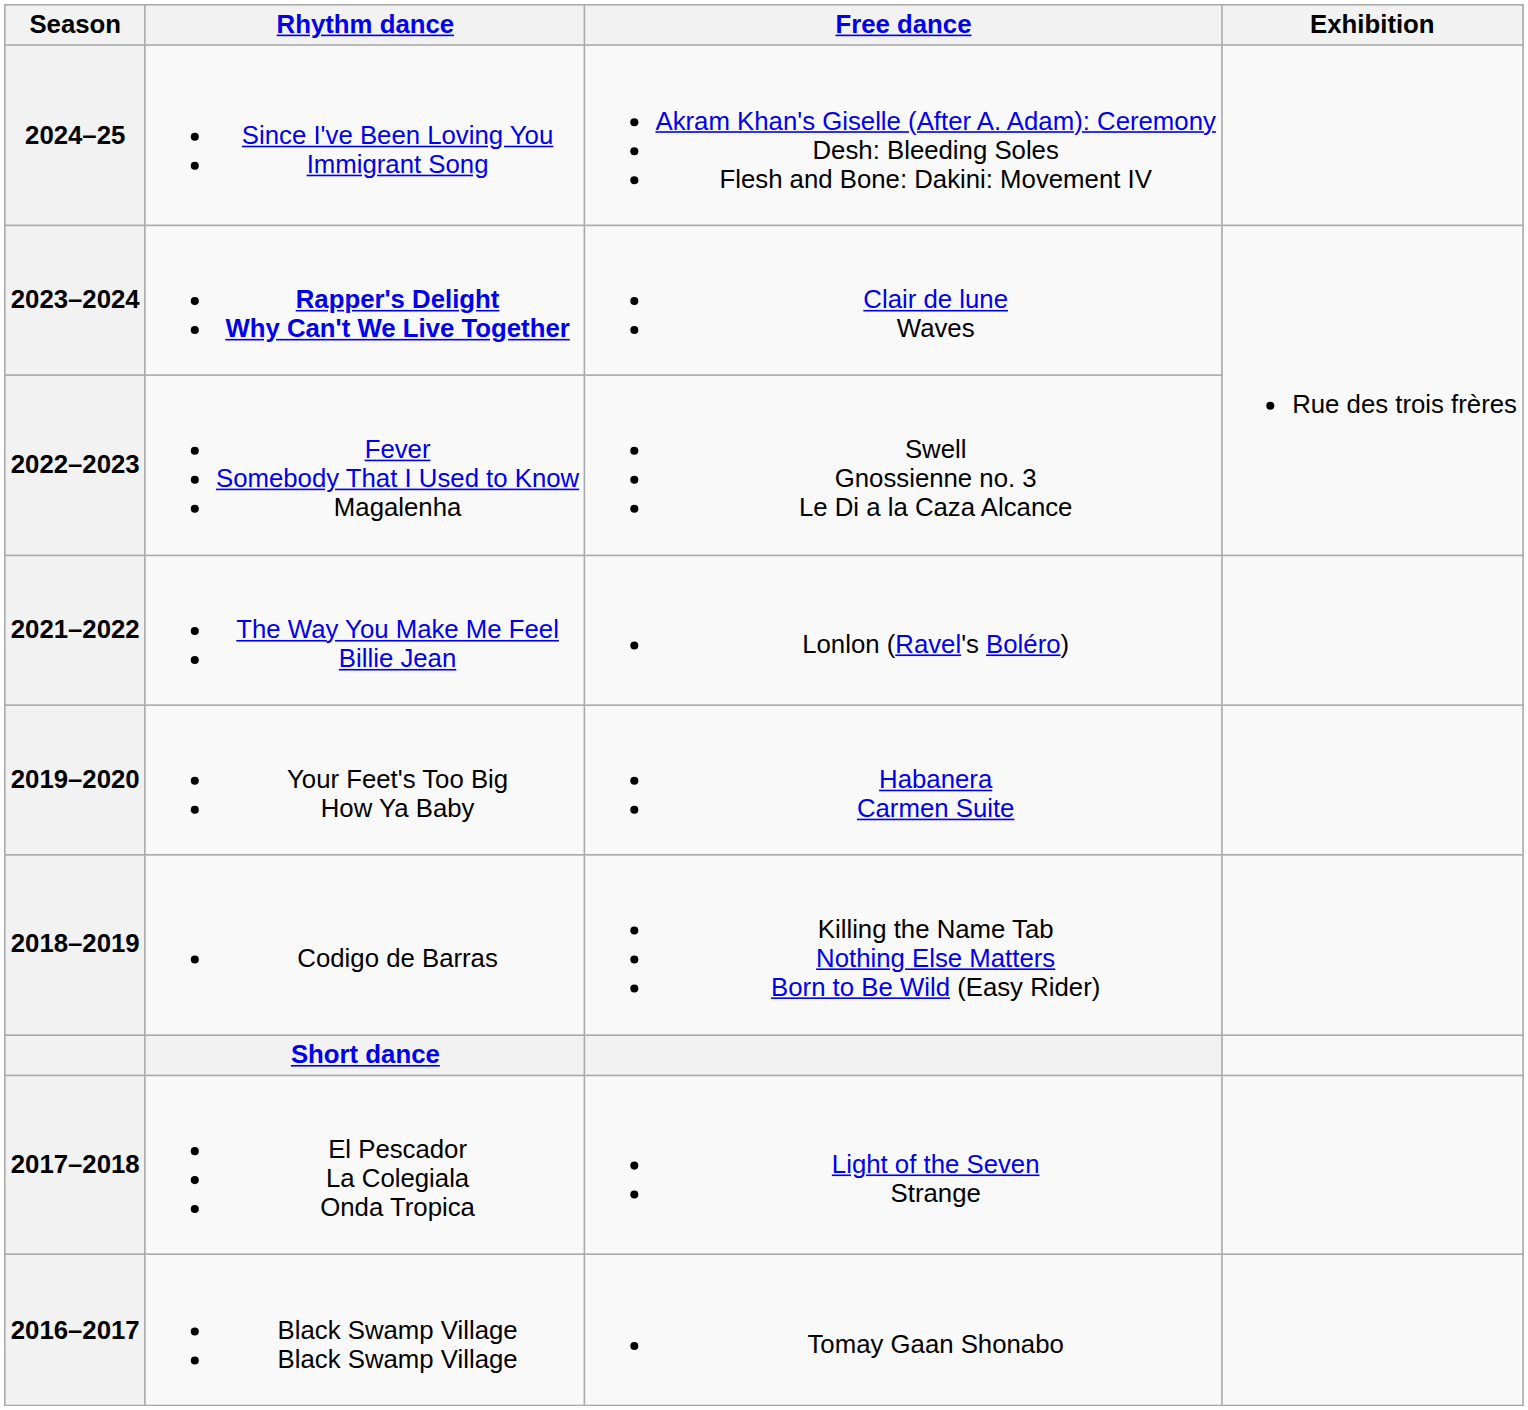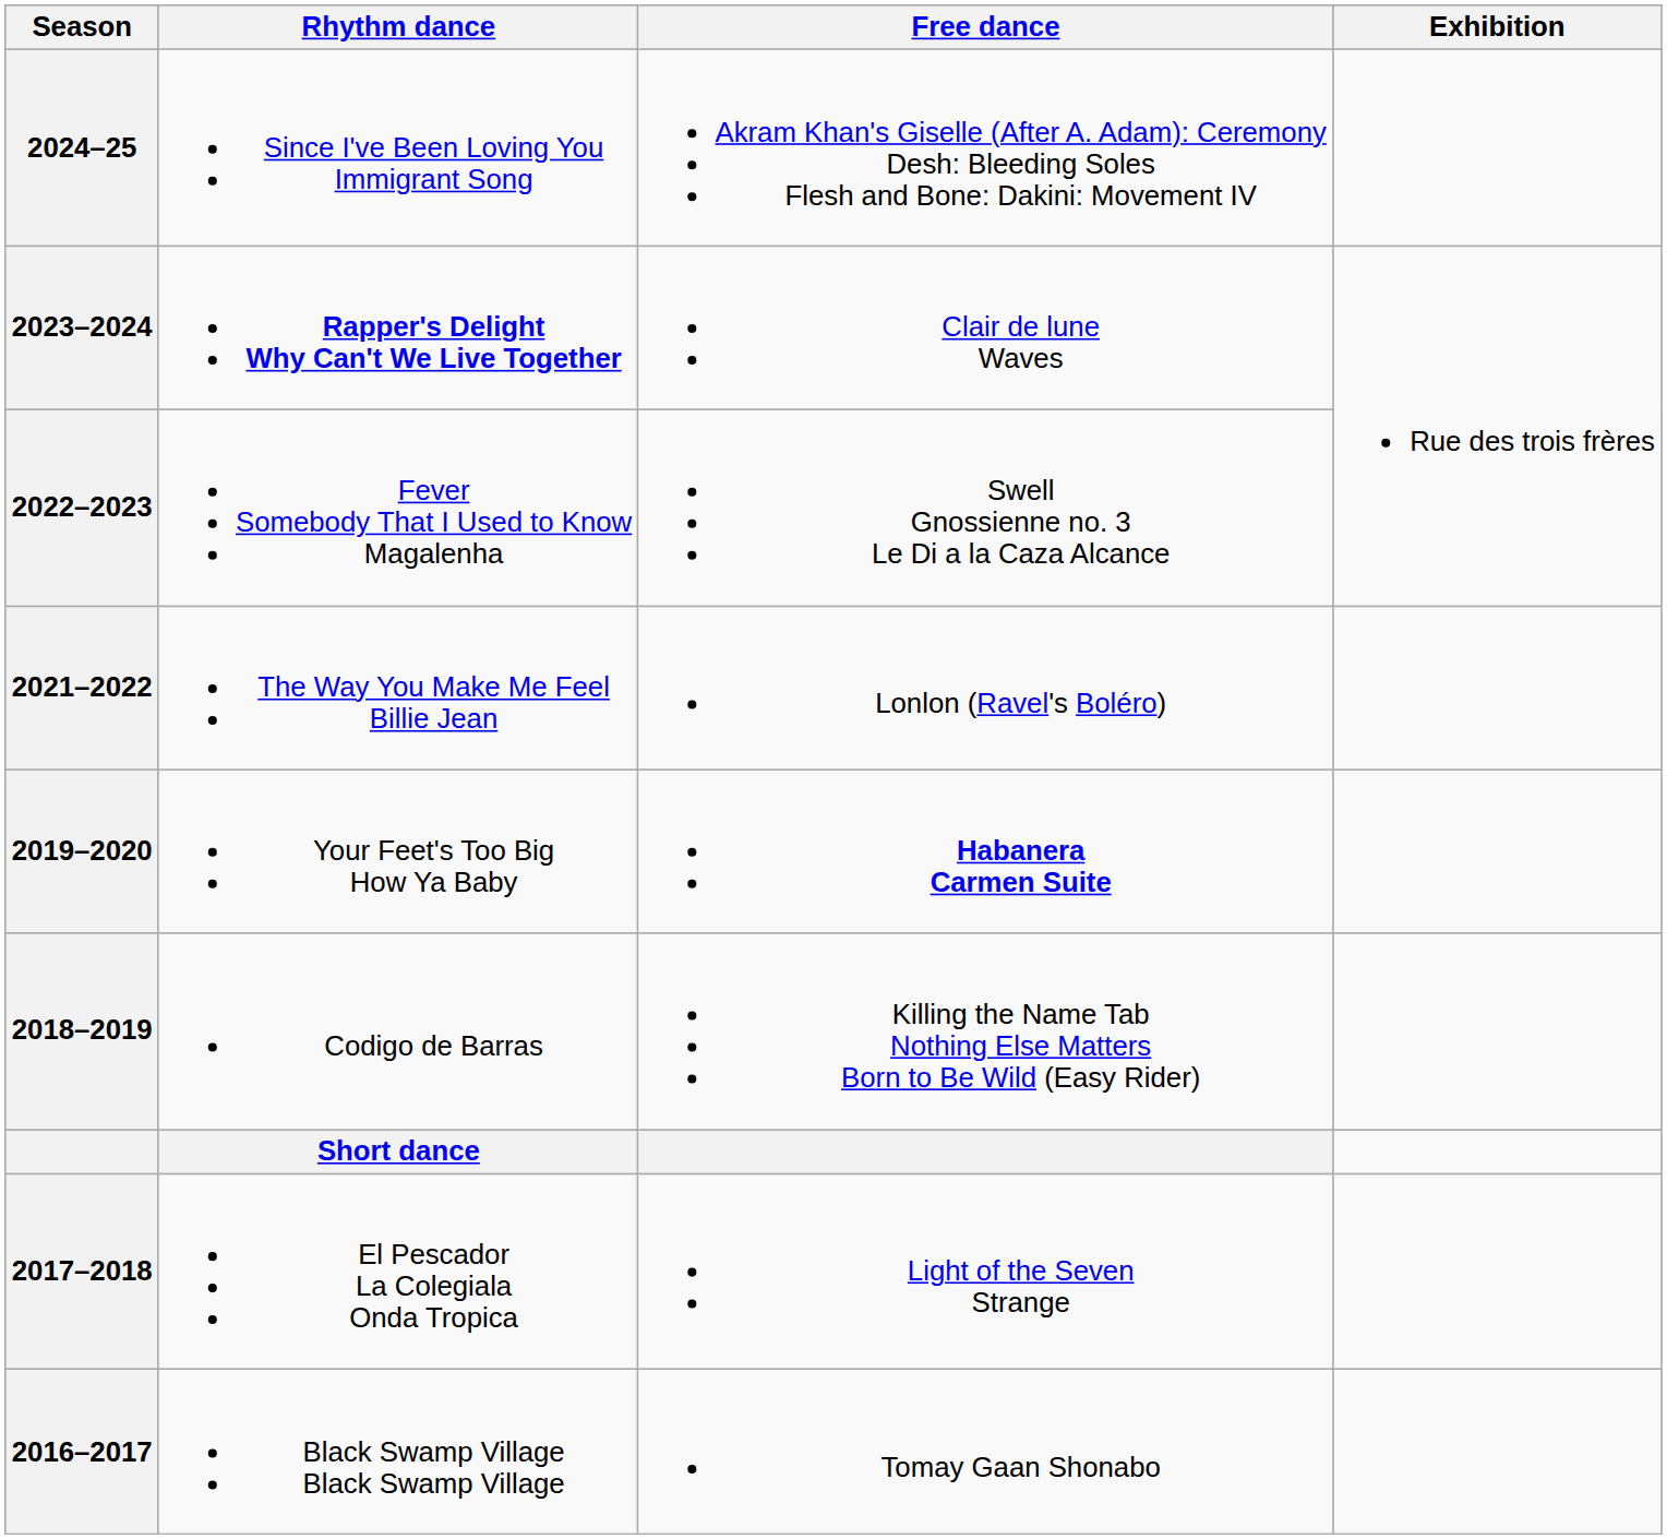 <table class=wikitable style=text-align:center>
 <tr>
 <th>Season</th>
 <th><a href='#'>Rhythm dance</a></th>
 <th><a href='#'>Free dance</a></th>
 <th>Exhibition</th>
 </tr>
 <tr>
 <th>2024–25 <br> </th>
 <td><br><ul><li><a href='#'>Since I've Been Loving You</a></li><li><a href='#'>Immigrant Song</a> <br> </li></ul></td>
 <td><br><ul><li><a href='#'>Akram Khan's Giselle (After A. Adam): Ceremony</a> <br> </li><li>Desh: Bleeding Soles <br> </li><li>Flesh and Bone: Dakini: Movement IV <br> </li></ul></td>
 <td></td>
 </tr>
 <tr>
 <th>2023–2024 <br> </th>
 <td><strong><br><ul><li><a href='#'>Rapper's Delight</a> <br> </li><li><a href='#'>Why Can't We Live Together</a> <br> </li></ul></strong></td>
 <td><br><ul><li><a href='#'>Clair de lune</a> <br> </li><li>Waves <br> </li></ul></td>
 <td rowspan=2><br><ul><li>Rue des trois frères <br></li></ul></td>
 </tr>
 <tr>
 <th>2022–2023 <br> </th>
 <td><br><ul><li> <a href='#'>Fever</a> <br></li><li> <a href='#'>Somebody That I Used to Know</a> <br></li><li> Magalenha <br></li></ul></td>
 <td><br><ul><li>Swell <br></li><li>Gnossienne no. 3 <br></li><li>Le Di a la Caza Alcance <br></li></ul></td>
 </tr>
 <tr>
 <th>2021–2022 <br> </th>
 <td><br><ul><li> <a href='#'>The Way You Make Me Feel</a> <br> </li><li> <a href='#'>Billie Jean</a> <br></li></ul></td>
 <td><br><ul><li>Lonlon (<a href='#'>Ravel</a>'s <a href='#'>Boléro</a>) <br></li></ul></td>
 <td></td>
 </tr>
 <tr>
 <th>2019–2020 <br> </th>
 <td><br><ul><li> Your Feet's Too Big <br></li><li>How Ya Baby <br></li></ul></td>
-<td><br><ul><li><a href='#'>Habanera</a> <br></li><li><a href='#'>Carmen Suite</a> <br></li></ul></td>
+<td><strong><br><ul><li><a href='#'>Habanera</a> <br></li><li><a href='#'>Carmen Suite</a> <br></li></ul></strong></td>
 <td></td>
 </tr>
 <tr>
 <th>2018–2019 <br> </th>
 <td><br><ul><li> Codigo de Barras <br></li></ul></td>
 <td><br><ul><li>Killing the Name Tab <br></li><li><a href='#'>Nothing Else Matters</a> <br></li><li><a href='#'>Born to Be Wild</a> (Easy Rider) <br></li></ul></td>
 <td></td>
 </tr>
 <tr>
 <th></th>
 <th><a href='#'>Short dance</a></th>
 <th></th>
 </tr>
 <tr>
 <th>2017–2018 <br> </th>
 <td><br><ul><li> El Pescador <br></li><li> La Colegiala <br></li><li> Onda Tropica <br></li></ul></td>
 <td><br><ul><li><a href='#'>Light of the Seven</a> <br></li><li>Strange <br></li></ul></td>
 <td></td>
 </tr>
 <tr>
 <th>2016–2017 <br> </th>
 <td><br><ul><li> Black Swamp Village</li><li> Black Swamp Village <br></li></ul></td>
 <td><br><ul><li>Tomay Gaan Shonabo <br></li></ul></td>
 <td></td>
 </tr>
 </table>
